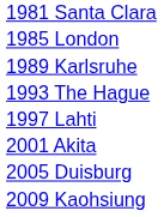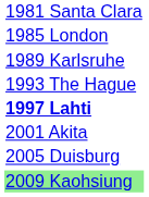 <table>
 <tr>
 <td><a href='#'>1981 Santa Clara</a></td>
 <td></td>
 <td></td>
 <td><br></td>
 </tr>
 <tr>
 <td><a href='#'>1985 London</a></td>
 <td></td>
 <td></td>
 <td><br></td>
 </tr>
 <tr>
 <td><a href='#'>1989 Karlsruhe</a></td>
 <td></td>
 <td></td>
 <td><br></td>
 </tr>
 <tr>
 <td><a href='#'>1993 The Hague</a></td>
 <td></td>
 <td></td>
 <td><br></td>
 </tr>
 <tr>
-<td><a href='#'>1997 Lahti</a></td>
+<td><strong><a href='#'>1997 Lahti</a></strong></td>
 <td></td>
 <td></td>
 <td></td>
 </tr>
 <tr>
 <td><a href='#'>2001 Akita</a></td>
 <td></td>
 <td></td>
 <td></td>
 </tr>
 <tr>
 <td><a href='#'>2005 Duisburg</a></td>
 <td></td>
 <td></td>
 <td></td>
 </tr>
 <tr>
-<td><a href='#'>2009 Kaohsiung</a></td>
+<td style="background: lightgreen;"><a href='#'>2009 Kaohsiung</a></td>
 <td></td>
 <td></td>
 <td></td>
 </tr>
 </table>
